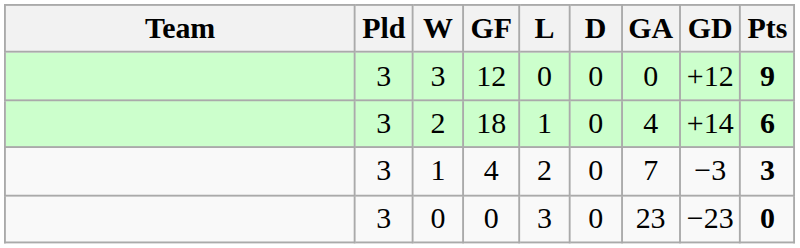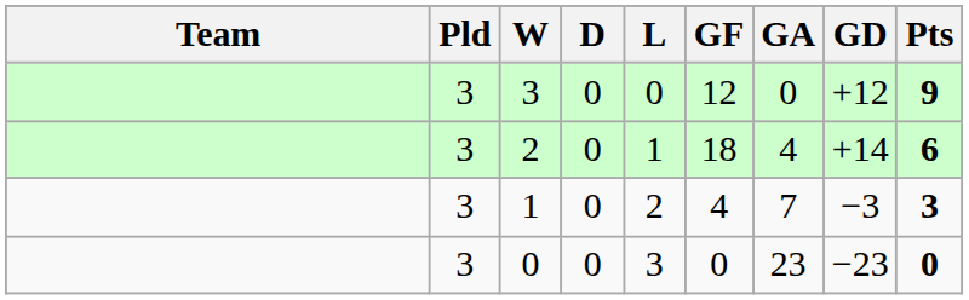 <table class="wikitable" style="text-align:center;">
 <tr>
 <th width=180>Team</th>
 <th width=20>Pld</th>
 <th width=20>W</th>
+<th width=20>D</th>
+<th width=20>L</th>
 <th width=20>GF</th>
-<th width=20>L</th>
-<th width=20>D</th>
 <th width=20>GA</th>
 <th width=20>GD</th>
 <th width=20>Pts</th>
 </tr>
 <tr bgcolor=ccffcc>
 <td align="left"></td>
 <td>3</td>
 <td>3</td>
-<td>12</td>
 <td>0</td>
 <td>0</td>
+<td>12</td>
 <td>0</td>
 <td>+12</td>
 <td><strong>9</strong></td>
 </tr>
 <tr bgcolor=ccffcc>
 <td align="left"><em></em></td>
 <td>3</td>
 <td>2</td>
+<td>0</td>
+<td>1</td>
 <td>18</td>
-<td>1</td>
-<td>0</td>
 <td>4</td>
 <td>+14</td>
 <td><strong>6</strong></td>
 </tr>
 <tr>
 <td align="left"></td>
 <td>3</td>
 <td>1</td>
+<td>0</td>
+<td>2</td>
 <td>4</td>
-<td>2</td>
-<td>0</td>
 <td>7</td>
 <td>−3</td>
 <td><strong>3</strong></td>
 </tr>
 <tr>
 <td align="left"></td>
 <td>3</td>
 <td>0</td>
 <td>0</td>
 <td>3</td>
 <td>0</td>
 <td>23</td>
 <td>−23</td>
 <td><strong>0</strong></td>
 </tr>
 </table>
